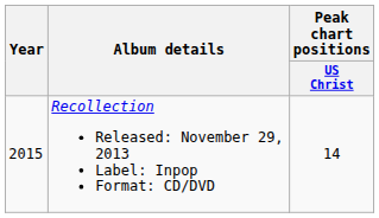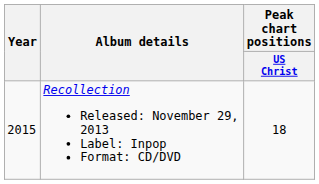 <table class="wikitable">
 <tr>
 <th rowspan="2" style="width:33px;">Year</th>
 <th rowspan="2" style="width:215px;">Album details</th>
 <th>Peak chart positions</th>
 </tr>
 <tr>
 <th scope="col" style="width:3em;font-size:85%;"><a href='#'>US<br> Christ</a><br></th>
 </tr>
 <tr>
 <td>2015</td>
 <td><em><a href='#'>Recollection</a></em><br><ul><li>Released: November 29, 2013</li><li>Label: Inpop</li><li>Format: CD/DVD</li></ul></td>
-<td style="text-align:center;">14</td>
+<td style="text-align:center;">18</td>
 </tr>
 </table>
